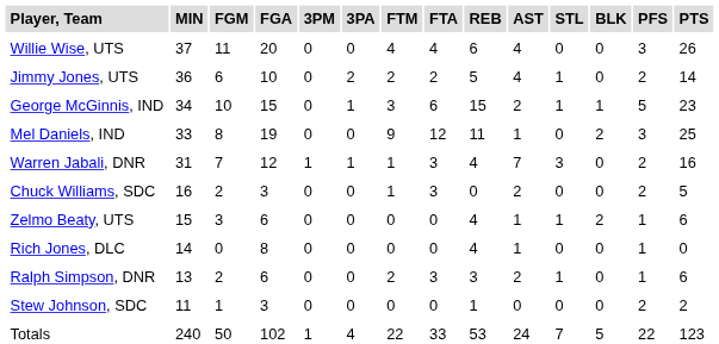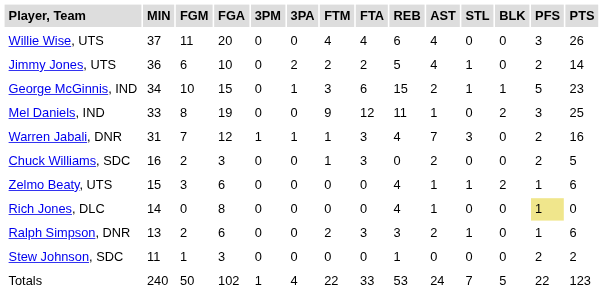 <table cellpadding=5>
 <tr bgcolor="#dddddd">
 <td><strong>Player, Team</strong></td>
 <td><strong>MIN</strong></td>
 <td><strong>FGM</strong></td>
 <td><strong>FGA</strong></td>
 <td><strong>3PM</strong></td>
 <td><strong>3PA</strong></td>
 <td><strong>FTM</strong></td>
 <td><strong>FTA</strong></td>
 <td><strong>REB</strong></td>
 <td><strong>AST</strong></td>
 <td><strong>STL</strong></td>
 <td><strong>BLK</strong></td>
 <td><strong>PFS</strong></td>
 <td><strong>PTS</strong></td>
 </tr>
 <tr bgcolor="#eeeeee">
 </tr>
 <tr>
 <td><a href='#'>Willie Wise</a>, UTS</td>
 <td>37</td>
 <td>11</td>
 <td>20</td>
 <td>0</td>
 <td>0</td>
 <td>4</td>
 <td>4</td>
 <td>6</td>
 <td>4</td>
 <td>0</td>
 <td>0</td>
 <td>3</td>
 <td>26</td>
 </tr>
 <tr>
 <td><a href='#'>Jimmy Jones</a>, UTS</td>
 <td>36</td>
 <td>6</td>
 <td>10</td>
 <td>0</td>
 <td>2</td>
 <td>2</td>
 <td>2</td>
 <td>5</td>
 <td>4</td>
 <td>1</td>
 <td>0</td>
 <td>2</td>
 <td>14</td>
 </tr>
 <tr>
 <td><a href='#'>George McGinnis</a>, IND</td>
 <td>34</td>
 <td>10</td>
 <td>15</td>
 <td>0</td>
 <td>1</td>
 <td>3</td>
 <td>6</td>
 <td>15</td>
 <td>2</td>
 <td>1</td>
 <td>1</td>
 <td>5</td>
 <td>23</td>
 </tr>
 <tr>
 <td><a href='#'>Mel Daniels</a>, IND</td>
 <td>33</td>
 <td>8</td>
 <td>19</td>
 <td>0</td>
 <td>0</td>
 <td>9</td>
 <td>12</td>
 <td>11</td>
 <td>1</td>
 <td>0</td>
 <td>2</td>
 <td>3</td>
 <td>25</td>
 </tr>
 <tr>
 <td><a href='#'>Warren Jabali</a>, DNR</td>
 <td>31</td>
 <td>7</td>
 <td>12</td>
 <td>1</td>
 <td>1</td>
 <td>1</td>
 <td>3</td>
 <td>4</td>
 <td>7</td>
 <td>3</td>
 <td>0</td>
 <td>2</td>
 <td>16</td>
 </tr>
 <tr>
 <td><a href='#'>Chuck Williams</a>, SDC</td>
 <td>16</td>
 <td>2</td>
 <td>3</td>
 <td>0</td>
 <td>0</td>
 <td>1</td>
 <td>3</td>
 <td>0</td>
 <td>2</td>
 <td>0</td>
 <td>0</td>
 <td>2</td>
 <td>5</td>
 </tr>
 <tr>
 <td><a href='#'>Zelmo Beaty</a>, UTS</td>
 <td>15</td>
 <td>3</td>
 <td>6</td>
 <td>0</td>
 <td>0</td>
 <td>0</td>
 <td>0</td>
 <td>4</td>
 <td>1</td>
 <td>1</td>
 <td>2</td>
 <td>1</td>
 <td>6</td>
 </tr>
 <tr>
 <td><a href='#'>Rich Jones</a>, DLC</td>
 <td>14</td>
 <td>0</td>
 <td>8</td>
 <td>0</td>
 <td>0</td>
 <td>0</td>
 <td>0</td>
 <td>4</td>
 <td>1</td>
 <td>0</td>
 <td>0</td>
-<td>1</td>
+<td style="background: khaki;">1</td>
 <td>0</td>
 </tr>
 <tr>
 <td><a href='#'>Ralph Simpson</a>, DNR</td>
 <td>13</td>
 <td>2</td>
 <td>6</td>
 <td>0</td>
 <td>0</td>
 <td>2</td>
 <td>3</td>
 <td>3</td>
 <td>2</td>
 <td>1</td>
 <td>0</td>
 <td>1</td>
 <td>6</td>
 </tr>
 <tr>
 <td><a href='#'>Stew Johnson</a>, SDC</td>
 <td>11</td>
 <td>1</td>
 <td>3</td>
 <td>0</td>
 <td>0</td>
 <td>0</td>
 <td>0</td>
 <td>1</td>
 <td>0</td>
 <td>0</td>
 <td>0</td>
 <td>2</td>
 <td>2</td>
 </tr>
 <tr>
 <td>Totals</td>
 <td>240</td>
 <td>50</td>
 <td>102</td>
 <td>1</td>
 <td>4</td>
 <td>22</td>
 <td>33</td>
 <td>53</td>
 <td>24</td>
 <td>7</td>
 <td>5</td>
 <td>22</td>
 <td>123</td>
 </tr>
 <tr>
 </tr>
 </table>
